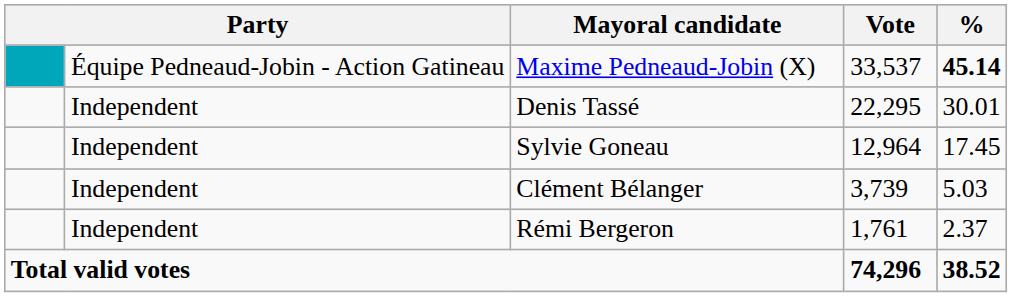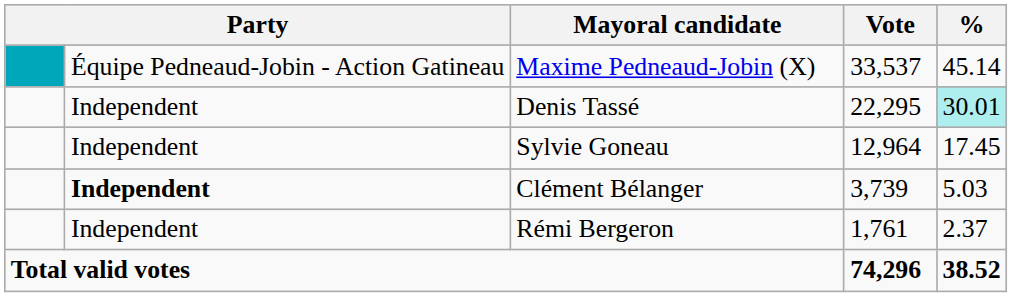 <table class="wikitable">
 <tr>
 <th bgcolor="#DDDDFF" width="230px" colspan="2">Party</th>
 <th bgcolor="#DDDDFF" width="200px">Mayoral candidate</th>
 <th bgcolor="#DDDDFF" width="50px">Vote</th>
 <th bgcolor="#DDDDFF" width="30px">%</th>
 </tr>
 <tr>
 <td bgcolor=#00a7ba width="30px"> </td>
 <td>Équipe Pedneaud-Jobin - Action Gatineau</td>
 <td><a href='#'>Maxime Pedneaud-Jobin</a> (X)</td>
 <td>33,537</td>
-<td><strong>45.14</strong></td>
+<td>45.14</td>
 </tr>
 <tr>
 <td> </td>
 <td>Independent</td>
 <td>Denis Tassé</td>
 <td>22,295</td>
-<td>30.01</td>
+<td style="background: paleturquoise;">30.01</td>
 </tr>
 <tr>
 <td> </td>
 <td>Independent</td>
 <td>Sylvie Goneau</td>
 <td>12,964</td>
 <td>17.45</td>
 </tr>
 <tr>
 <td> </td>
-<td>Independent</td>
+<td><strong>Independent</strong></td>
 <td>Clément Bélanger</td>
 <td>3,739</td>
 <td>5.03</td>
 </tr>
 <tr>
 <td> </td>
 <td>Independent</td>
 <td>Rémi Bergeron</td>
 <td>1,761</td>
 <td>2.37</td>
 </tr>
 <tr>
 <td colspan="3"><strong>Total valid votes</strong></td>
 <td><strong>74,296</strong></td>
 <td><strong>38.52</strong></td>
 </tr>
 </table>
